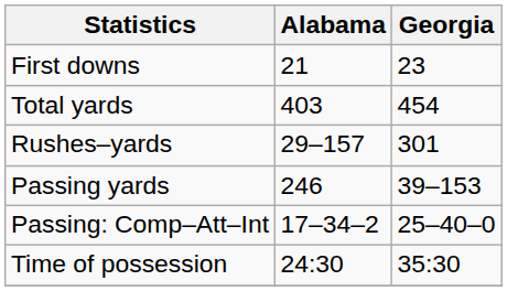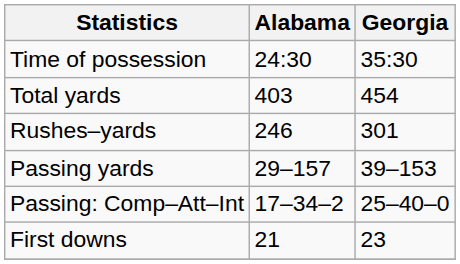 <table class="wikitable">
 <tr>
 <th>Statistics</th>
 <th>Alabama</th>
 <th>Georgia</th>
 </tr>
 <tr>
-<td>First downs</td>
-<td>21</td>
-<td>23</td>
+<td>Time of possession</td>
+<td>24:30</td>
+<td>35:30</td>
 </tr>
 <tr>
 <td>Total yards</td>
 <td>403</td>
 <td>454</td>
 </tr>
 <tr>
 <td>Rushes–yards</td>
-<td>29–157</td>
+<td>246</td>
 <td>301</td>
 </tr>
 <tr>
 <td>Passing yards</td>
-<td>246</td>
+<td>29–157</td>
 <td>39–153</td>
 </tr>
 <tr>
 <td>Passing: Comp–Att–Int</td>
 <td>17–34–2</td>
 <td>25–40–0</td>
 </tr>
 <tr>
-<td>Time of possession</td>
-<td>24:30</td>
-<td>35:30</td>
+<td>First downs</td>
+<td>21</td>
+<td>23</td>
 </tr>
 <tr>
 </tr>
 </table>
